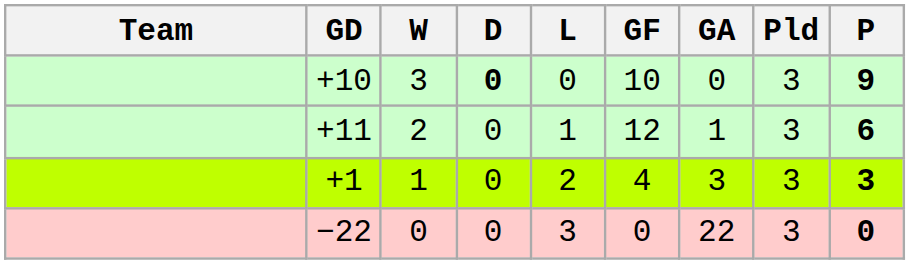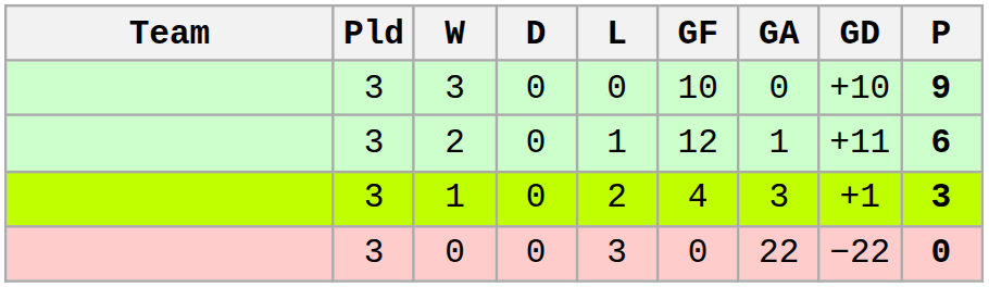 <table class="wikitable">
 <tr>
 <th width=120>Team</th>
-<th width=25>GD</th>
+<th width=25>Pld</th>
 <th width=25>W</th>
 <th width=25>D</th>
 <th width=25>L</th>
 <th width=25>GF</th>
 <th width=25>GA</th>
-<th width=25>Pld</th>
+<th width=25>GD</th>
 <th width=25>P</th>
 </tr>
 <tr align=center bgcolor=#ccffcc>
 <td align=left></td>
-<td>+10</td>
 <td>3</td>
-<td><strong>0</strong></td>
+<td>3</td>
+<td>0</td>
 <td>0</td>
 <td>10</td>
 <td>0</td>
-<td>3</td>
+<td>+10</td>
 <td><strong>9</strong></td>
 </tr>
 <tr align=center bgcolor=#ccffcc>
 <td align=left></td>
-<td>+11</td>
+<td>3</td>
 <td>2</td>
 <td>0</td>
 <td>1</td>
 <td>12</td>
 <td>1</td>
-<td>3</td>
+<td>+11</td>
 <td><strong>6</strong></td>
 </tr>
 <tr align=center bgcolor=#bfff00>
 <td align=left></td>
-<td>+1</td>
+<td>3</td>
 <td>1</td>
 <td>0</td>
 <td>2</td>
 <td>4</td>
 <td>3</td>
-<td>3</td>
+<td>+1</td>
 <td><strong>3</strong></td>
 </tr>
 <tr align=center bgcolor=#ffcccc>
 <td align=left></td>
-<td>−22</td>
+<td>3</td>
 <td>0</td>
 <td>0</td>
 <td>3</td>
 <td>0</td>
 <td>22</td>
-<td>3</td>
+<td>−22</td>
 <td><strong>0</strong></td>
 </tr>
 </table>
